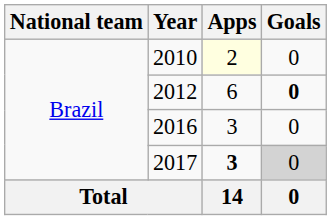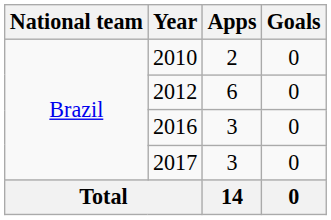 <table class="wikitable" style="text-align:center">
 <tr>
 <th>National team</th>
 <th>Year</th>
 <th>Apps</th>
 <th>Goals</th>
 </tr>
 <tr>
 <td rowspan="4"><a href='#'>Brazil</a></td>
 <td>2010</td>
-<td style="background: lightyellow;">2</td>
+<td>2</td>
 <td>0</td>
 </tr>
 <tr>
 <td>2012</td>
 <td>6</td>
-<td><strong>0</strong></td>
+<td>0</td>
 </tr>
 <tr>
 <td>2016</td>
 <td>3</td>
 <td>0</td>
 </tr>
 <tr>
 <td>2017</td>
-<td><strong>3</strong></td>
-<td style="background: lightgrey;">0</td>
+<td>3</td>
+<td>0</td>
 </tr>
 <tr>
 <th colspan="2">Total</th>
 <th>14</th>
 <th>0</th>
 </tr>
 </table>
